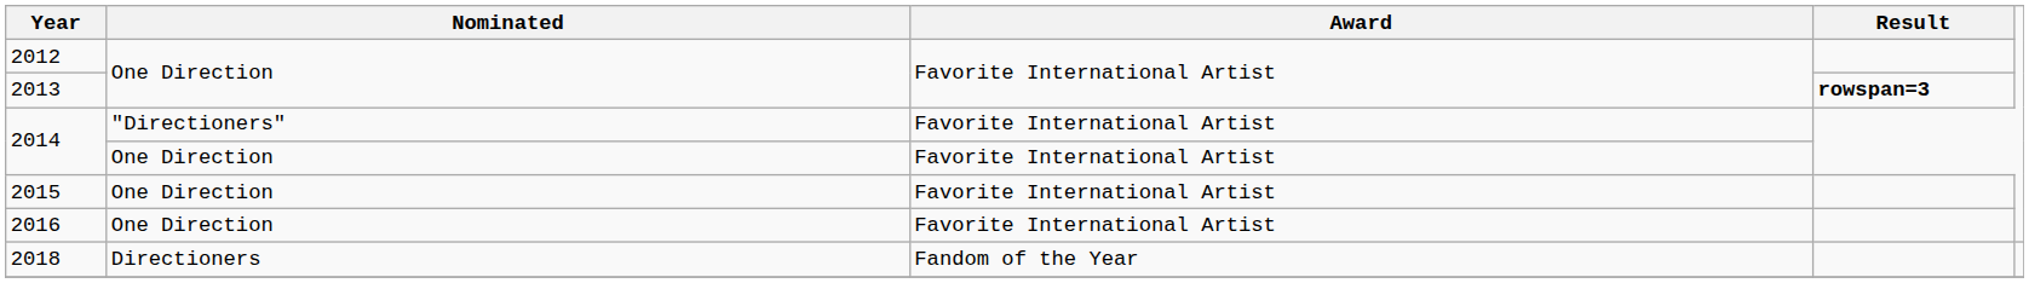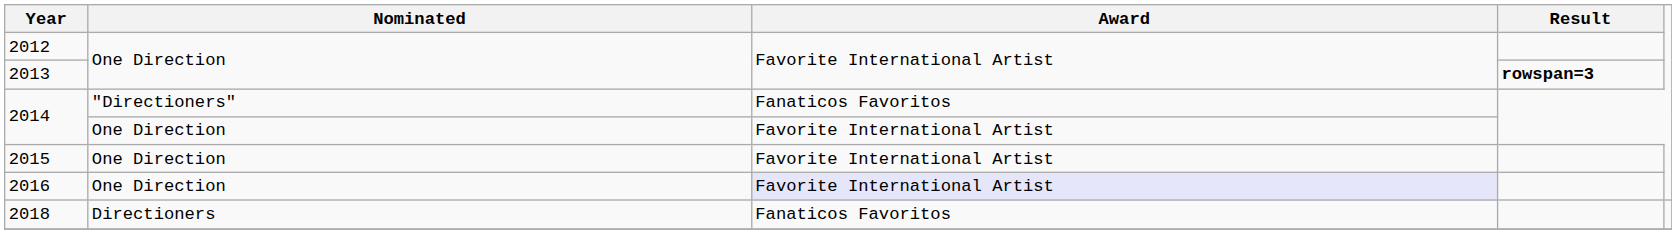 <table class="wikitable" style="width:100%;">
 <tr>
 <th width=5%>Year</th>
 <th style="width:40%;">Nominated</th>
 <th style="width:45%;">Award</th>
 <th style="width:10%;">Result</th>
 </tr>
 <tr>
 <td>2012</td>
 <td rowspan="2">One Direction</td>
 <td rowspan="2">Favorite International Artist</td>
 <td></td>
 </tr>
 <tr>
 <td>2013</td>
 <td><strong>rowspan=3 </strong></td>
 </tr>
 <tr>
 <td rowspan="2">2014</td>
 <td>"Directioners"</td>
-<td>Favorite International Artist</td>
+<td>Fanaticos Favoritos</td>
 </tr>
 <tr>
 <td>One Direction</td>
 <td>Favorite International Artist</td>
 </tr>
 <tr>
 <td rowspan="1">2015</td>
 <td>One Direction</td>
 <td>Favorite International Artist</td>
 <td></td>
 </tr>
 <tr>
 <td rowspan="1">2016</td>
 <td>One Direction</td>
-<td>Favorite International Artist</td>
+<td style="background: lavender;">Favorite International Artist</td>
 <td></td>
 </tr>
 <tr>
 <td>2018</td>
 <td>Directioners</td>
-<td>Fandom of the Year</td>
+<td>Fanaticos Favoritos</td>
 <td></td>
 <td></td>
 </tr>
 <tr>
 </tr>
 </table>
